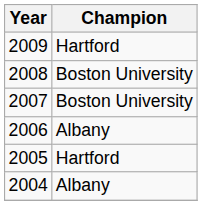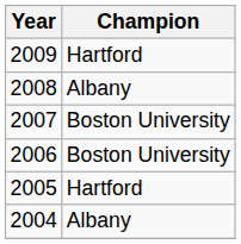 <table class="wikitable sortable">
 <tr>
 <th>Year</th>
 <th>Champion</th>
 </tr>
 <tr>
 <td>2009</td>
 <td>Hartford</td>
 </tr>
 <tr>
 <td>2008</td>
-<td>Boston University</td>
+<td>Albany</td>
 </tr>
 <tr>
 <td>2007</td>
 <td>Boston University</td>
 </tr>
 <tr>
 <td>2006</td>
-<td>Albany</td>
+<td>Boston University</td>
 </tr>
 <tr>
 <td>2005</td>
 <td>Hartford</td>
 </tr>
 <tr>
 <td>2004</td>
 <td>Albany</td>
 </tr>
 <tr>
 </tr>
 </table>
